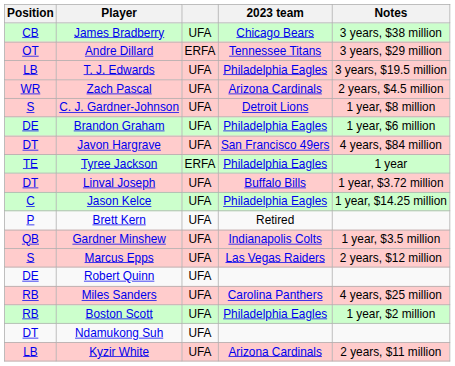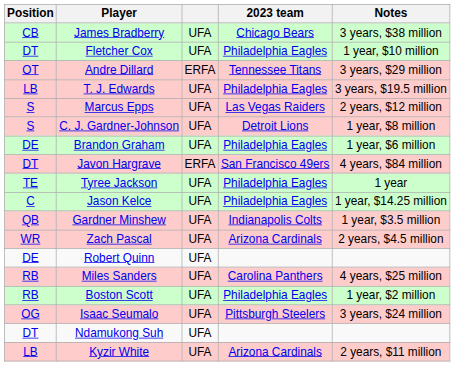 <table class="wikitable" style="text-align:center">
 <tr>
 <th>Position</th>
 <th>Player</th>
 <th></th>
 <th>2023 team</th>
 <th>Notes</th>
 </tr>
 <tr style="background:#cfc">
 <td><a href='#'>CB</a></td>
 <td><a href='#'>James Bradberry</a></td>
 <td>UFA</td>
 <td><a href='#'>Chicago Bears</a></td>
 <td>3 years, $38 million</td>
+</tr>
+<tr style="background:#cfc">
+<td><a href='#'>DT</a></td>
+<td><a href='#'>Fletcher Cox</a></td>
+<td>UFA</td>
+<td><a href='#'>Philadelphia Eagles</a></td>
+<td>1 year, $10 million</td>
 </tr>
 <tr style="background:#fcc">
 <td><a href='#'>OT</a></td>
 <td><a href='#'>Andre Dillard</a></td>
 <td>ERFA</td>
 <td><a href='#'>Tennessee Titans</a></td>
 <td>3 years, $29 million</td>
 </tr>
 <tr style="background:#fcc">
 <td><a href='#'>LB</a></td>
 <td><a href='#'>T. J. Edwards</a></td>
 <td>UFA</td>
 <td><a href='#'>Philadelphia Eagles</a></td>
 <td>3 years, $19.5 million</td>
 </tr>
 <tr style="background:#fcc">
-<td><a href='#'>WR</a></td>
-<td><a href='#'>Zach Pascal</a></td>
+<td><a href='#'>S</a></td>
+<td><a href='#'>Marcus Epps</a></td>
 <td>UFA</td>
-<td><a href='#'>Arizona Cardinals</a></td>
-<td>2 years, $4.5 million</td>
+<td><a href='#'>Las Vegas Raiders</a></td>
+<td>2 years, $12 million</td>
 </tr>
 <tr style="background:#fcc">
 <td><a href='#'>S</a></td>
 <td><a href='#'>C. J. Gardner-Johnson</a></td>
 <td>UFA</td>
 <td><a href='#'>Detroit Lions</a></td>
 <td>1 year, $8 million</td>
 </tr>
 <tr style="background:#cfc">
 <td><a href='#'>DE</a></td>
 <td><a href='#'>Brandon Graham</a></td>
 <td>UFA</td>
 <td><a href='#'>Philadelphia Eagles</a></td>
 <td>1 year, $6 million</td>
 </tr>
 <tr style="background:#fcc">
 <td><a href='#'>DT</a></td>
 <td><a href='#'>Javon Hargrave</a></td>
-<td>UFA</td>
+<td>ERFA</td>
 <td><a href='#'>San Francisco 49ers</a></td>
 <td>4 years, $84 million</td>
 </tr>
 <tr style="background:#cfc">
 <td><a href='#'>TE</a></td>
 <td><a href='#'>Tyree Jackson</a></td>
-<td>ERFA</td>
+<td>UFA</td>
 <td><a href='#'>Philadelphia Eagles</a></td>
 <td>1 year</td>
-</tr>
-<tr style="background:#fcc">
-<td><a href='#'>DT</a></td>
-<td><a href='#'>Linval Joseph</a></td>
-<td>UFA</td>
-<td><a href='#'>Buffalo Bills</a></td>
-<td>1 year, $3.72 million</td>
 </tr>
 <tr style="background:#cfc">
 <td><a href='#'>C</a></td>
 <td><a href='#'>Jason Kelce</a></td>
 <td>UFA</td>
 <td><a href='#'>Philadelphia Eagles</a></td>
 <td>1 year, $14.25 million</td>
-</tr>
-<tr>
-<td><a href='#'>P</a></td>
-<td><a href='#'>Brett Kern</a></td>
-<td>UFA</td>
-<td>Retired</td>
-<td></td>
 </tr>
 <tr style="background:#fcc">
 <td><a href='#'>QB</a></td>
 <td><a href='#'>Gardner Minshew</a></td>
 <td>UFA</td>
 <td><a href='#'>Indianapolis Colts</a></td>
 <td>1 year, $3.5 million</td>
 </tr>
 <tr style="background:#fcc">
-<td><a href='#'>S</a></td>
-<td><a href='#'>Marcus Epps</a></td>
+<td><a href='#'>WR</a></td>
+<td><a href='#'>Zach Pascal</a></td>
 <td>UFA</td>
-<td><a href='#'>Las Vegas Raiders</a></td>
-<td>2 years, $12 million</td>
+<td><a href='#'>Arizona Cardinals</a></td>
+<td>2 years, $4.5 million</td>
 </tr>
 <tr>
 <td><a href='#'>DE</a></td>
 <td><a href='#'>Robert Quinn</a></td>
 <td>UFA</td>
 <td></td>
 <td></td>
 </tr>
 <tr style="background:#fcc">
 <td><a href='#'>RB</a></td>
 <td><a href='#'>Miles Sanders</a></td>
 <td>UFA</td>
 <td><a href='#'>Carolina Panthers</a></td>
 <td>4 years, $25 million</td>
 </tr>
 <tr style="background:#cfc">
 <td><a href='#'>RB</a></td>
 <td><a href='#'>Boston Scott</a></td>
 <td>UFA</td>
 <td><a href='#'>Philadelphia Eagles</a></td>
 <td>1 year, $2 million</td>
 </tr>
+<tr style="background:#fcc">
+<td><a href='#'>OG</a></td>
+<td><a href='#'>Isaac Seumalo</a></td>
+<td>UFA</td>
+<td><a href='#'>Pittsburgh Steelers</a></td>
+<td>3 years, $24 million</td>
+</tr>
 <tr>
 <td><a href='#'>DT</a></td>
 <td><a href='#'>Ndamukong Suh</a></td>
 <td>UFA</td>
 <td></td>
 <td></td>
 </tr>
 <tr style="background:#fcc">
 <td><a href='#'>LB</a></td>
 <td><a href='#'>Kyzir White</a></td>
 <td>UFA</td>
 <td><a href='#'>Arizona Cardinals</a></td>
 <td>2 years, $11 million</td>
 </tr>
 </table>
